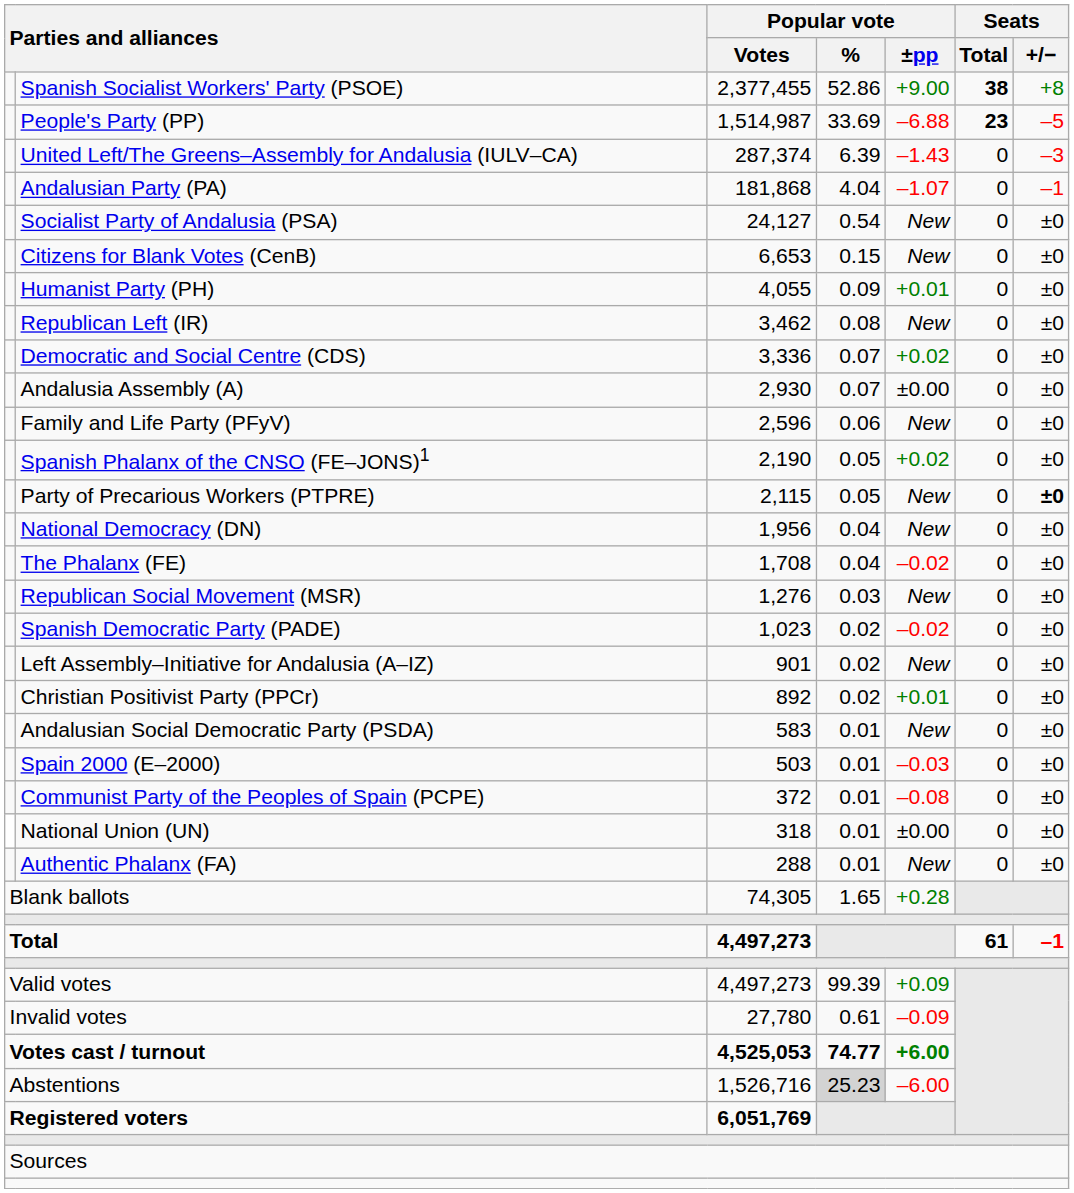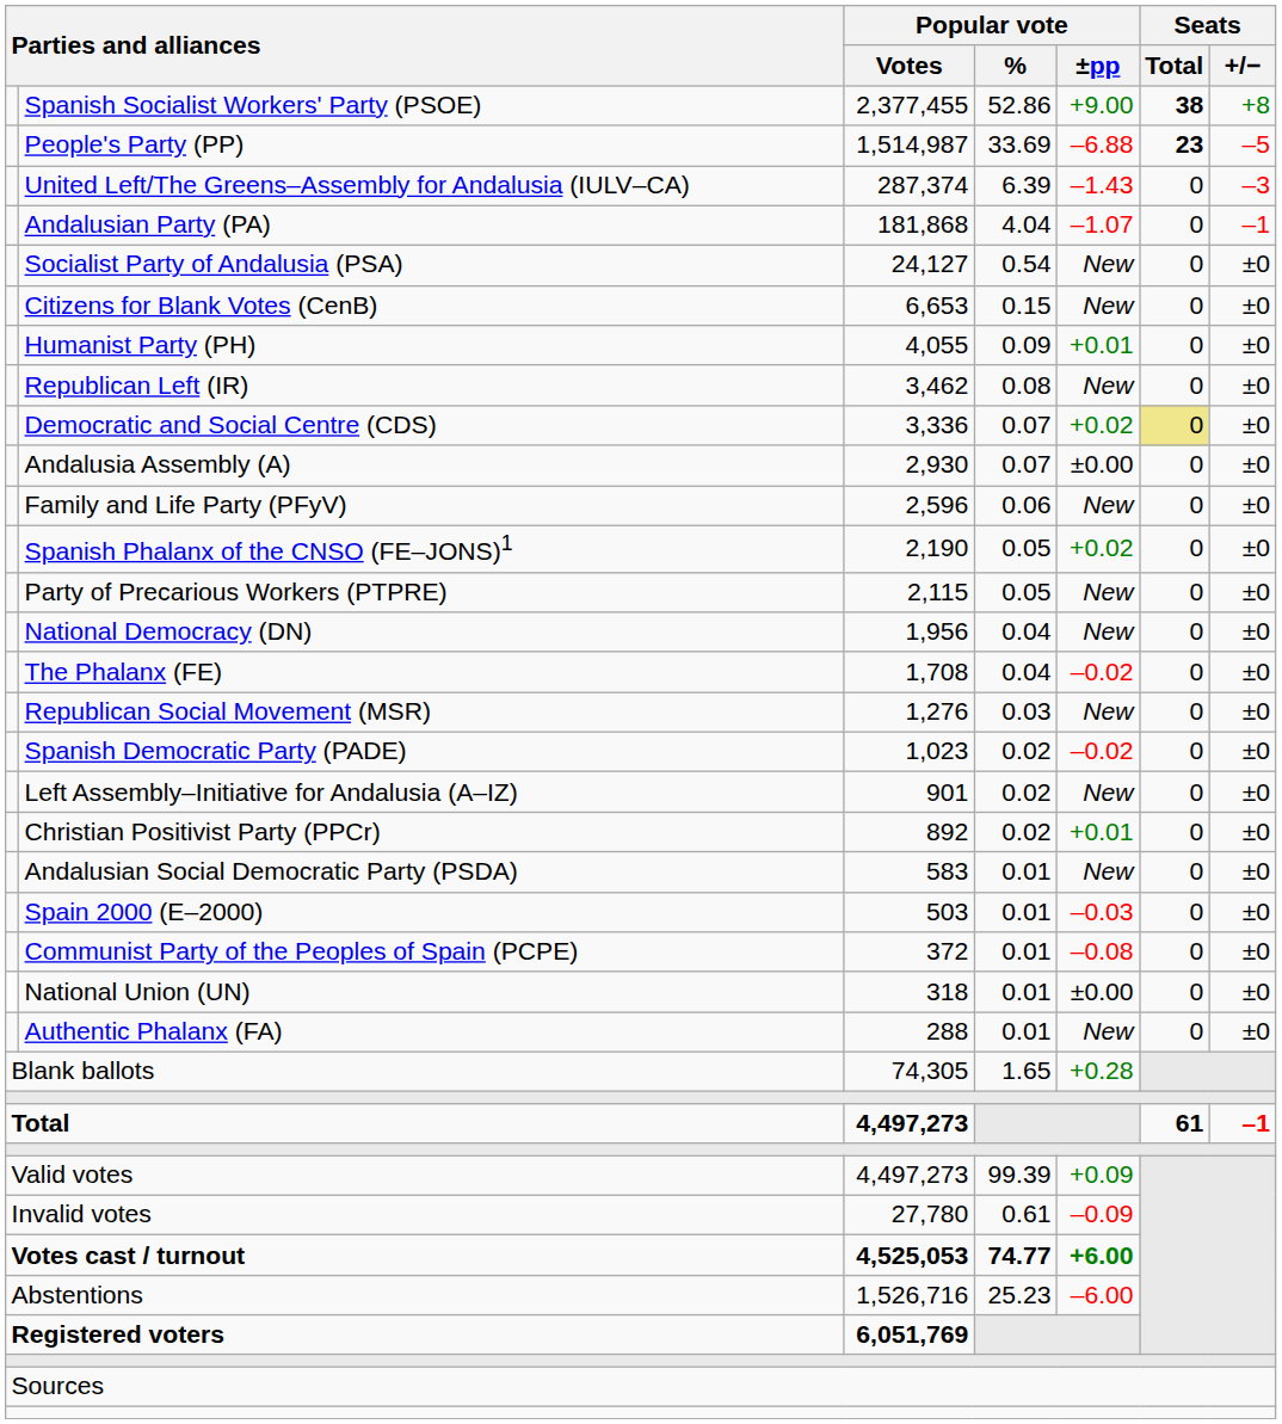 <table class="wikitable" style="text-align:right;">
 <tr>
 <th style="text-align:left;" rowspan="2" colspan="2" width="525">Parties and alliances</th>
 <th colspan="3">Popular vote</th>
 <th colspan="2">Seats</th>
 </tr>
 <tr>
 <th width="75">Votes</th>
 <th width="45">%</th>
 <th width="45">±<a href='#'>pp</a></th>
 <th width="35">Total</th>
 <th width="35">+/−</th>
 </tr>
 <tr>
 <td width="1" style="color:inherit;background:"></td>
 <td align="left"><a href='#'>Spanish Socialist Workers' Party</a> (PSOE)</td>
 <td>2,377,455</td>
 <td>52.86</td>
 <td style="color:green;">+9.00</td>
 <td><strong>38</strong></td>
 <td style="color:green;">+8</td>
 </tr>
 <tr>
 <td style="color:inherit;background:"></td>
 <td align="left"><a href='#'>People's Party</a> (PP)</td>
 <td>1,514,987</td>
 <td>33.69</td>
 <td style="color:red;">–6.88</td>
 <td><strong>23</strong></td>
 <td style="color:red;">–5</td>
 </tr>
 <tr>
 <td style="color:inherit;background:"></td>
 <td align="left"><a href='#'>United Left/The Greens–Assembly for Andalusia</a> (IULV–CA)</td>
 <td>287,374</td>
 <td>6.39</td>
 <td style="color:red;">–1.43</td>
 <td>0</td>
 <td style="color:red;">–3</td>
 </tr>
 <tr>
 <td style="color:inherit;background:"></td>
 <td align="left"><a href='#'>Andalusian Party</a> (PA)</td>
 <td>181,868</td>
 <td>4.04</td>
 <td style="color:red;">–1.07</td>
 <td>0</td>
 <td style="color:red;">–1</td>
 </tr>
 <tr>
 <td style="color:inherit;background:"></td>
 <td align="left"><a href='#'>Socialist Party of Andalusia</a> (PSA)</td>
 <td>24,127</td>
 <td>0.54</td>
 <td><em>New</em></td>
 <td>0</td>
 <td>±0</td>
 </tr>
 <tr>
 <td style="color:inherit;background:"></td>
 <td align="left"><a href='#'>Citizens for Blank Votes</a> (CenB)</td>
 <td>6,653</td>
 <td>0.15</td>
 <td><em>New</em></td>
 <td>0</td>
 <td>±0</td>
 </tr>
 <tr>
 <td style="color:inherit;background:"></td>
 <td align="left"><a href='#'>Humanist Party</a> (PH)</td>
 <td>4,055</td>
 <td>0.09</td>
 <td style="color:green;">+0.01</td>
 <td>0</td>
 <td>±0</td>
 </tr>
 <tr>
 <td style="color:inherit;background:"></td>
 <td align="left"><a href='#'>Republican Left</a> (IR)</td>
 <td>3,462</td>
 <td>0.08</td>
 <td><em>New</em></td>
 <td>0</td>
 <td>±0</td>
 </tr>
 <tr>
 <td style="color:inherit;background:"></td>
 <td align="left"><a href='#'>Democratic and Social Centre</a> (CDS)</td>
 <td>3,336</td>
 <td>0.07</td>
 <td style="color:green;">+0.02</td>
-<td>0</td>
+<td style="background: khaki;">0</td>
 <td>±0</td>
 </tr>
 <tr>
 <td style="color:inherit;background:"></td>
 <td align="left">Andalusia Assembly (A)</td>
 <td>2,930</td>
 <td>0.07</td>
 <td>±0.00</td>
 <td>0</td>
 <td>±0</td>
 </tr>
 <tr>
 <td style="color:inherit;background:"></td>
 <td align="left">Family and Life Party (PFyV)</td>
 <td>2,596</td>
 <td>0.06</td>
 <td><em>New</em></td>
 <td>0</td>
 <td>±0</td>
 </tr>
 <tr>
 <td style="color:inherit;background:"></td>
 <td align="left"><a href='#'>Spanish Phalanx of the CNSO</a> (FE–JONS)<sup>1</sup></td>
 <td>2,190</td>
 <td>0.05</td>
 <td style="color:green;">+0.02</td>
 <td>0</td>
 <td>±0</td>
 </tr>
 <tr>
 <td style="color:inherit;background:"></td>
 <td align="left">Party of Precarious Workers (PTPRE)</td>
 <td>2,115</td>
 <td>0.05</td>
 <td><em>New</em></td>
 <td>0</td>
-<td><strong>±0</strong></td>
+<td>±0</td>
 </tr>
 <tr>
 <td style="color:inherit;background:"></td>
 <td align="left"><a href='#'>National Democracy</a> (DN)</td>
 <td>1,956</td>
 <td>0.04</td>
 <td><em>New</em></td>
 <td>0</td>
 <td>±0</td>
 </tr>
 <tr>
 <td style="color:inherit;background:"></td>
 <td align="left"><a href='#'>The Phalanx</a> (FE)</td>
 <td>1,708</td>
 <td>0.04</td>
 <td style="color:red;">–0.02</td>
 <td>0</td>
 <td>±0</td>
 </tr>
 <tr>
 <td style="color:inherit;background:"></td>
 <td align="left"><a href='#'>Republican Social Movement</a> (MSR)</td>
 <td>1,276</td>
 <td>0.03</td>
 <td><em>New</em></td>
 <td>0</td>
 <td>±0</td>
 </tr>
 <tr>
 <td style="color:inherit;background:"></td>
 <td align="left"><a href='#'>Spanish Democratic Party</a> (PADE)</td>
 <td>1,023</td>
 <td>0.02</td>
 <td style="color:red;">–0.02</td>
 <td>0</td>
 <td>±0</td>
 </tr>
 <tr>
 <td style="color:inherit;background:"></td>
 <td align="left">Left Assembly–Initiative for Andalusia (A–IZ)</td>
 <td>901</td>
 <td>0.02</td>
 <td><em>New</em></td>
 <td>0</td>
 <td>±0</td>
 </tr>
 <tr>
 <td style="color:inherit;background:"></td>
 <td align="left">Christian Positivist Party (PPCr)</td>
 <td>892</td>
 <td>0.02</td>
 <td style="color:green;">+0.01</td>
 <td>0</td>
 <td>±0</td>
 </tr>
 <tr>
 <td style="color:inherit;background:"></td>
 <td align="left">Andalusian Social Democratic Party (PSDA)</td>
 <td>583</td>
 <td>0.01</td>
 <td><em>New</em></td>
 <td>0</td>
 <td>±0</td>
 </tr>
 <tr>
 <td style="color:inherit;background:"></td>
 <td align="left"><a href='#'>Spain 2000</a> (E–2000)</td>
 <td>503</td>
 <td>0.01</td>
 <td style="color:red;">–0.03</td>
 <td>0</td>
 <td>±0</td>
 </tr>
 <tr>
 <td style="color:inherit;background:"></td>
 <td align="left"><a href='#'>Communist Party of the Peoples of Spain</a> (PCPE)</td>
 <td>372</td>
 <td>0.01</td>
 <td style="color:red;">–0.08</td>
 <td>0</td>
 <td>±0</td>
 </tr>
 <tr>
 <td bgcolor="white"></td>
 <td align="left">National Union (UN)</td>
 <td>318</td>
 <td>0.01</td>
 <td>±0.00</td>
 <td>0</td>
 <td>±0</td>
 </tr>
 <tr>
 <td style="color:inherit;background:"></td>
 <td align="left"><a href='#'>Authentic Phalanx</a> (FA)</td>
 <td>288</td>
 <td>0.01</td>
 <td><em>New</em></td>
 <td>0</td>
 <td>±0</td>
 </tr>
 <tr>
 <td align="left" colspan="2">Blank ballots</td>
 <td>74,305</td>
 <td>1.65</td>
 <td style="color:green;">+0.28</td>
 <td bgcolor="#E9E9E9" colspan="2"></td>
 </tr>
 <tr>
 <td colspan="7" bgcolor="#E9E9E9"></td>
 </tr>
 <tr style="font-weight:bold;">
 <td align="left" colspan="2">Total</td>
 <td>4,497,273</td>
 <td bgcolor="#E9E9E9" colspan="2"></td>
 <td>61</td>
 <td style="color:red;">–1</td>
 </tr>
 <tr>
 <td colspan="7" bgcolor="#E9E9E9"></td>
 </tr>
 <tr>
 <td align="left" colspan="2">Valid votes</td>
 <td>4,497,273</td>
 <td>99.39</td>
 <td style="color:green;">+0.09</td>
 <td bgcolor="#E9E9E9" colspan="2" rowspan="5"></td>
 </tr>
 <tr>
 <td align="left" colspan="2">Invalid votes</td>
 <td>27,780</td>
 <td>0.61</td>
 <td style="color:red;">–0.09</td>
 </tr>
 <tr style="font-weight:bold;">
 <td align="left" colspan="2">Votes cast / turnout</td>
 <td>4,525,053</td>
 <td>74.77</td>
 <td style="color:green;">+6.00</td>
 </tr>
 <tr>
 <td align="left" colspan="2">Abstentions</td>
 <td>1,526,716</td>
-<td style="background: lightgrey;">25.23</td>
+<td>25.23</td>
 <td style="color:red;">–6.00</td>
 </tr>
 <tr style="font-weight:bold;">
 <td align="left" colspan="2">Registered voters</td>
 <td>6,051,769</td>
 <td bgcolor="#E9E9E9" colspan="2"></td>
 </tr>
 <tr>
 <td colspan="7" bgcolor="#E9E9E9"></td>
 </tr>
 <tr>
 <td align="left" colspan="7">Sources</td>
 </tr>
 <tr>
 <td colspan="7" style="text-align:left; max-width:790px;"></td>
 </tr>
 </table>
